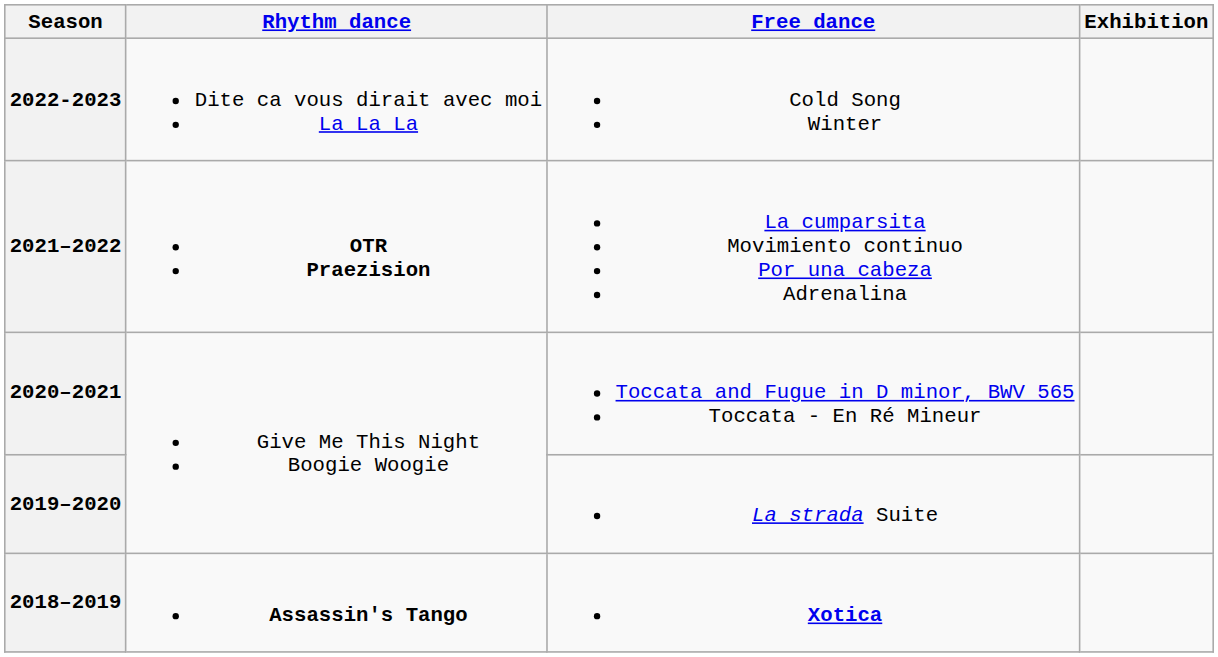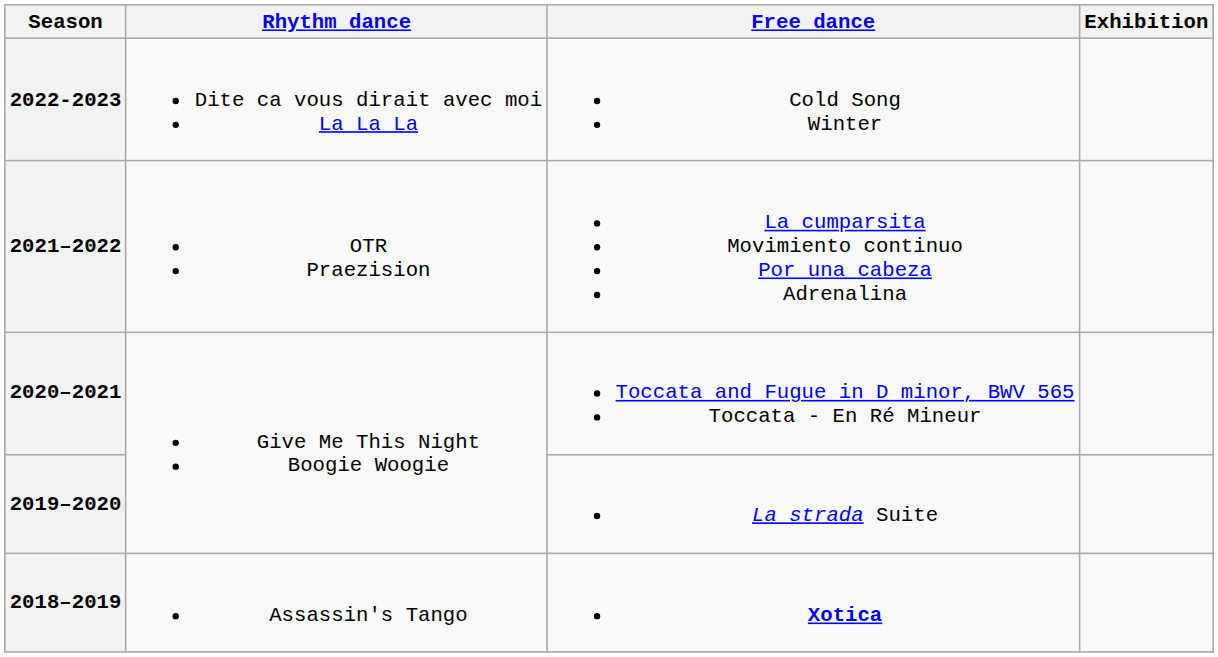 <table class=wikitable style=text-align:center>
 <tr>
 <th>Season</th>
 <th><a href='#'>Rhythm dance</a></th>
 <th><a href='#'>Free dance</a></th>
 <th>Exhibition</th>
 </tr>
 <tr>
 <th>2022-2023</th>
 <td><br><ul><li>Dite ca vous dirait avec moi <br> </li><li><a href='#'>La La La</a> <br> </li></ul></td>
 <td><br><ul><li>Cold Song <br> </li><li>Winter <br> </li></ul></td>
 </tr>
 <tr>
 <th>2021–2022</th>
-<td><strong><br><ul><li>OTR <br> </li><li>Praezision <br> </li></ul></strong></td>
+<td><br><ul><li>OTR <br> </li><li>Praezision <br> </li></ul></td>
 <td><br><ul><li><a href='#'>La cumparsita</a> <br> </li><li>Movimiento continuo <br> </li><li><a href='#'>Por una cabeza</a> <br> </li><li>Adrenalina <br> </li></ul></td>
 <td></td>
 </tr>
 <tr>
 <th>2020–2021</th>
 <td rowspan=2><br><ul><li> Give Me This Night <br> </li><li> Boogie Woogie <br> </li></ul></td>
 <td><br><ul><li><a href='#'>Toccata and Fugue in D minor, BWV 565</a> <br> </li><li>Toccata - En Ré Mineur <br> </li></ul></td>
 <td></td>
 </tr>
 <tr>
 <th>2019–2020 <br></th>
 <td><br><ul><li><em><a href='#'>La strada</a></em> Suite <br> </li></ul></td>
 <td></td>
 </tr>
 <tr>
 <th>2018–2019</th>
-<td><strong><br><ul><li>Assassin's Tango <br> </li></ul></strong></td>
+<td><br><ul><li>Assassin's Tango <br> </li></ul></td>
 <td><strong><br><ul><li><a href='#'>Xotica</a></li></ul></strong></td>
 <td></td>
 </tr>
 </table>
